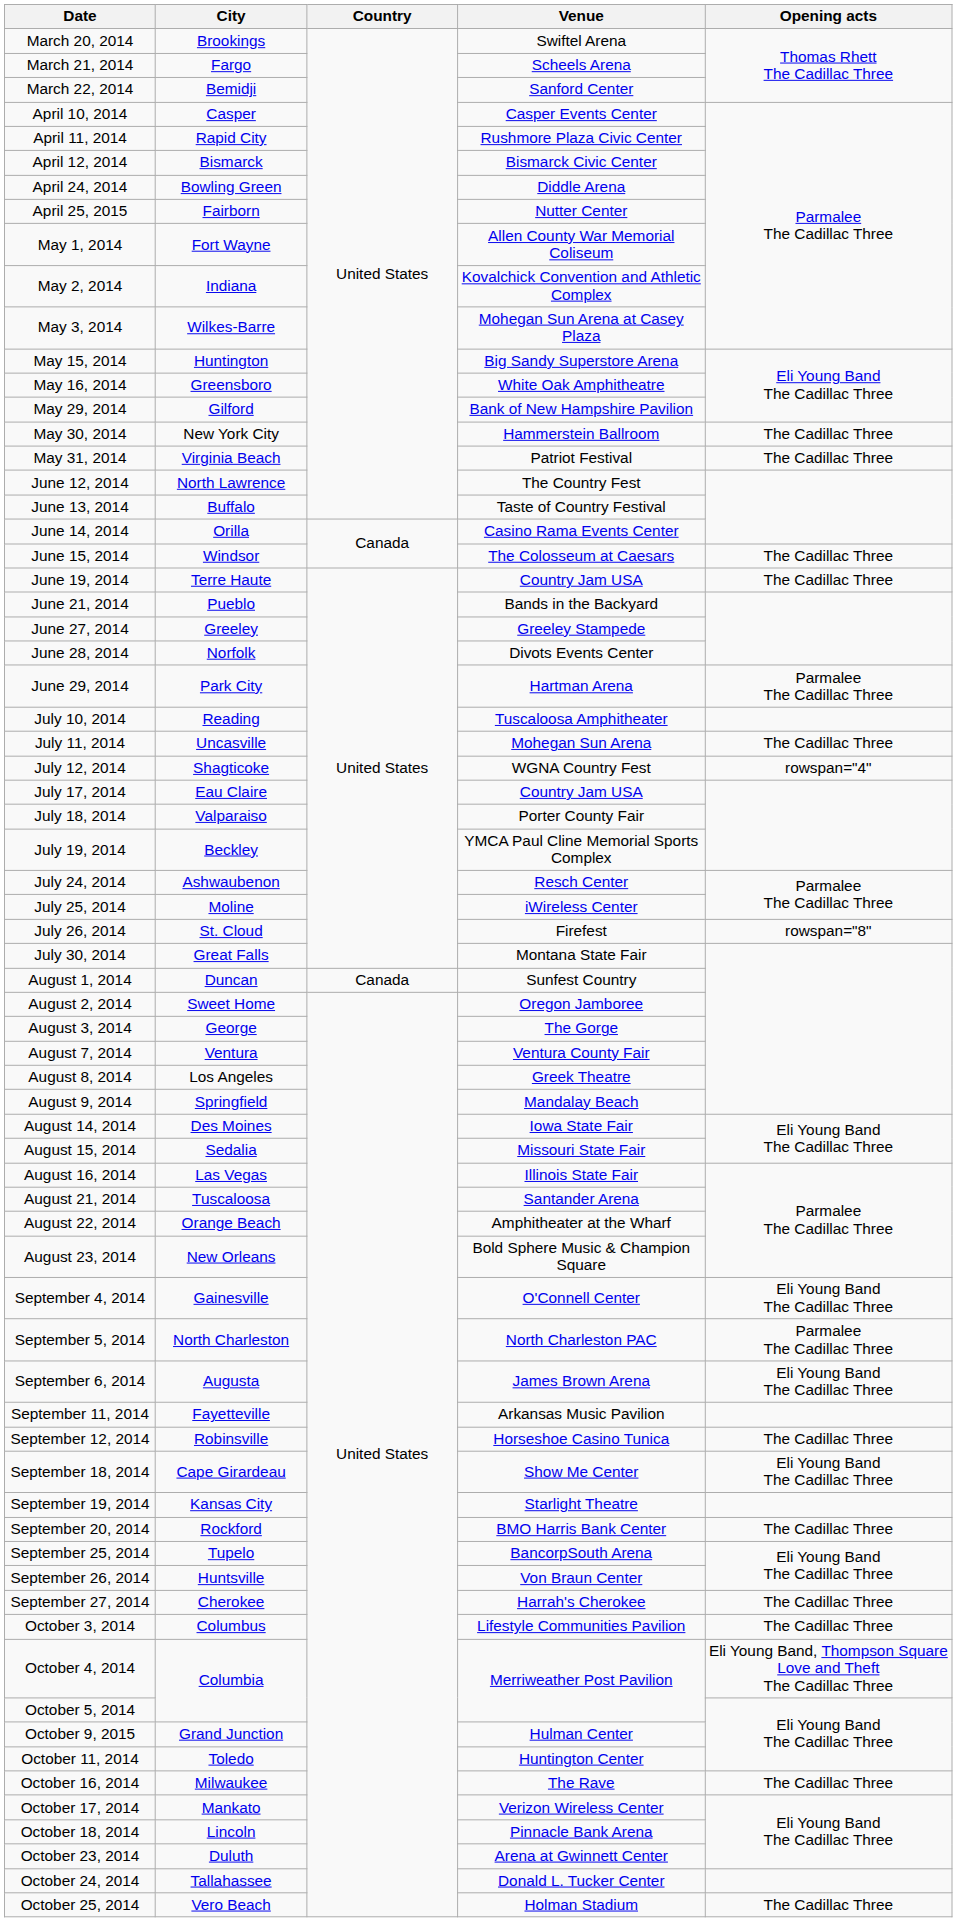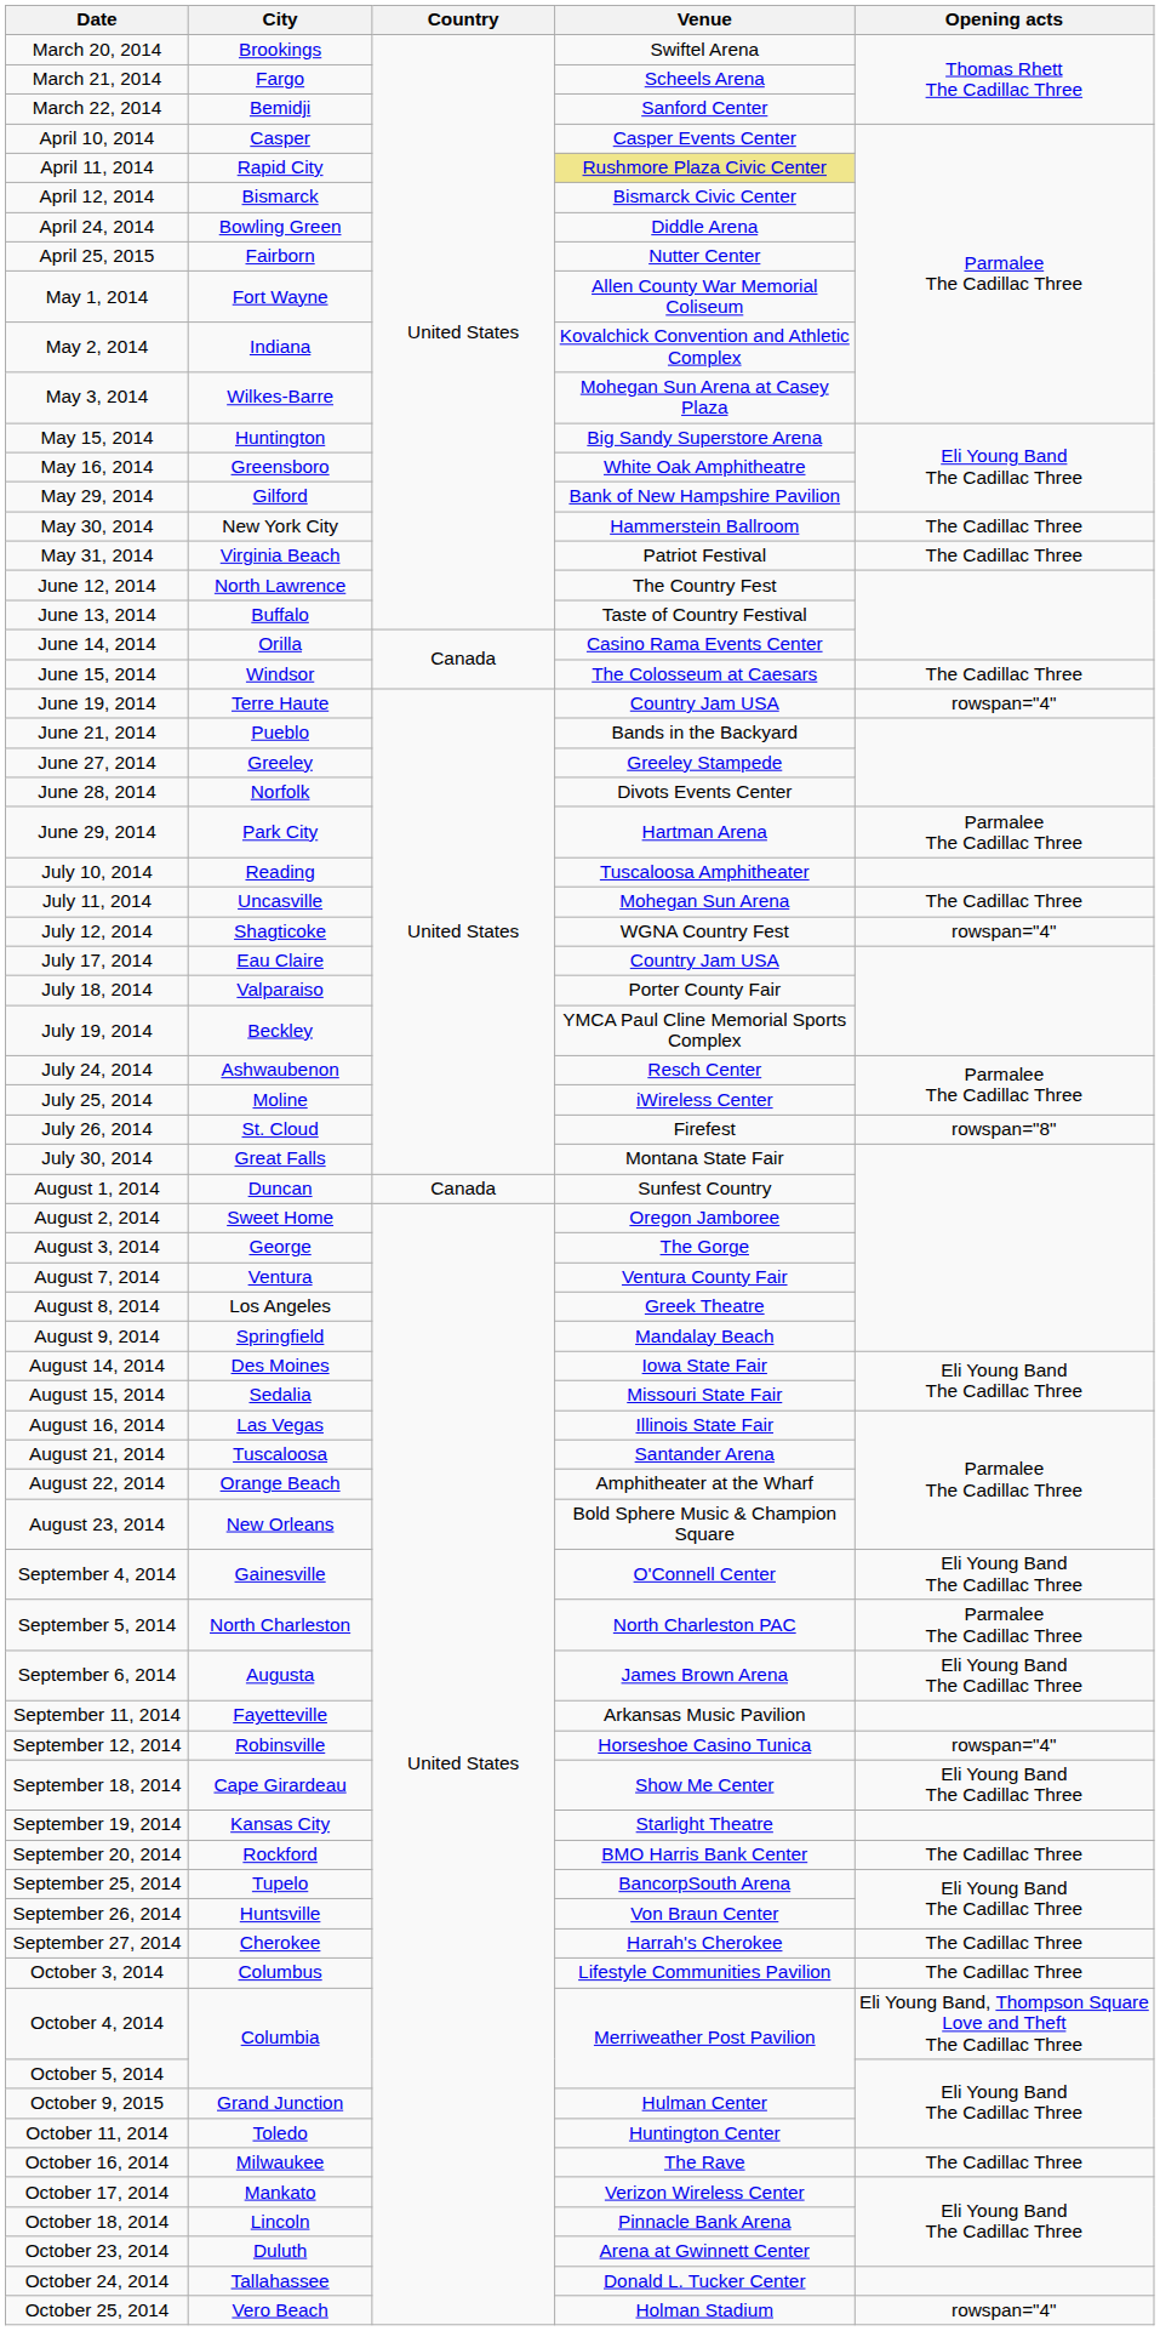 <table class="wikitable" style="text-align:center;">
 <tr>
 <th width="150">Date</th>
 <th width="150">City</th>
 <th width="150">Country</th>
 <th width="250">Venue</th>
 <th width="250">Opening acts</th>
 </tr>
 <tr>
 <td>March 20, 2014</td>
 <td><a href='#'>Brookings</a></td>
 <td rowspan="18">United States</td>
 <td>Swiftel Arena</td>
 <td rowspan="3"><a href='#'>Thomas Rhett</a><br><a href='#'>The Cadillac Three</a></td>
 </tr>
 <tr>
 <td>March 21, 2014</td>
 <td><a href='#'>Fargo</a></td>
 <td><a href='#'>Scheels Arena</a></td>
 </tr>
 <tr>
 <td>March 22, 2014</td>
 <td><a href='#'>Bemidji</a></td>
 <td><a href='#'>Sanford Center</a></td>
 </tr>
 <tr>
 <td>April 10, 2014</td>
 <td><a href='#'>Casper</a></td>
 <td><a href='#'>Casper Events Center</a></td>
 <td rowspan="8"><a href='#'>Parmalee</a><br>The Cadillac Three</td>
 </tr>
 <tr>
 <td>April 11, 2014</td>
 <td><a href='#'>Rapid City</a></td>
-<td><a href='#'>Rushmore Plaza Civic Center</a></td>
+<td style="background: khaki;"><a href='#'>Rushmore Plaza Civic Center</a></td>
 </tr>
 <tr>
 <td>April 12, 2014</td>
 <td><a href='#'>Bismarck</a></td>
 <td><a href='#'>Bismarck Civic Center</a></td>
 </tr>
 <tr>
 <td>April 24, 2014</td>
 <td><a href='#'>Bowling Green</a></td>
 <td><a href='#'>Diddle Arena</a></td>
 </tr>
 <tr>
 <td>April 25, 2015</td>
 <td><a href='#'>Fairborn</a></td>
 <td><a href='#'>Nutter Center</a></td>
 </tr>
 <tr>
 <td>May 1, 2014</td>
 <td><a href='#'>Fort Wayne</a></td>
 <td><a href='#'>Allen County War Memorial Coliseum</a></td>
 </tr>
 <tr>
 <td>May 2, 2014</td>
 <td><a href='#'>Indiana</a></td>
 <td><a href='#'>Kovalchick Convention and Athletic Complex</a></td>
 </tr>
 <tr>
 <td>May 3, 2014</td>
 <td><a href='#'>Wilkes-Barre</a></td>
 <td><a href='#'>Mohegan Sun Arena at Casey Plaza</a></td>
 </tr>
 <tr>
 <td>May 15, 2014</td>
 <td><a href='#'>Huntington</a></td>
 <td><a href='#'>Big Sandy Superstore Arena</a></td>
 <td rowspan="3"><a href='#'>Eli Young Band</a><br>The Cadillac Three</td>
 </tr>
 <tr>
 <td>May 16, 2014</td>
 <td><a href='#'>Greensboro</a></td>
 <td><a href='#'>White Oak Amphitheatre</a></td>
 </tr>
 <tr>
 <td>May 29, 2014</td>
 <td><a href='#'>Gilford</a></td>
 <td><a href='#'>Bank of New Hampshire Pavilion</a></td>
 </tr>
 <tr>
 <td>May 30, 2014</td>
 <td>New York City</td>
 <td><a href='#'>Hammerstein Ballroom</a></td>
 <td>The Cadillac Three</td>
 </tr>
 <tr>
 <td>May 31, 2014 </td>
 <td><a href='#'>Virginia Beach</a></td>
 <td>Patriot Festival</td>
 <td>The Cadillac Three</td>
 </tr>
 <tr>
 <td>June 12, 2014 </td>
 <td><a href='#'>North Lawrence</a></td>
 <td>The Country Fest</td>
 </tr>
 <tr>
 <td>June 13, 2014 </td>
 <td><a href='#'>Buffalo</a></td>
 <td>Taste of Country Festival</td>
 </tr>
 <tr>
 <td>June 14, 2014</td>
 <td><a href='#'>Orilla</a></td>
 <td rowspan="2">Canada</td>
 <td><a href='#'>Casino Rama Events Center</a></td>
 </tr>
 <tr>
 <td>June 15, 2014</td>
 <td><a href='#'>Windsor</a></td>
 <td><a href='#'>The Colosseum at Caesars</a></td>
 <td>The Cadillac Three</td>
 </tr>
 <tr>
 <td>June 19, 2014 </td>
 <td><a href='#'>Terre Haute</a></td>
 <td rowspan="15">United States</td>
 <td><a href='#'>Country Jam USA</a></td>
-<td>The Cadillac Three</td>
+<td>rowspan="4" </td>
 </tr>
 <tr>
 <td>June 21, 2014 </td>
 <td><a href='#'>Pueblo</a></td>
 <td>Bands in the Backyard</td>
 </tr>
 <tr>
 <td>June 27, 2014 </td>
 <td><a href='#'>Greeley</a></td>
 <td><a href='#'>Greeley Stampede</a></td>
 </tr>
 <tr>
 <td>June 28, 2014</td>
 <td><a href='#'>Norfolk</a></td>
 <td>Divots Events Center</td>
 </tr>
 <tr>
 <td>June 29, 2014</td>
 <td><a href='#'>Park City</a></td>
 <td><a href='#'>Hartman Arena</a></td>
 <td>Parmalee<br>The Cadillac Three</td>
 </tr>
 <tr>
 <td>July 10, 2014</td>
 <td><a href='#'>Reading</a></td>
 <td><a href='#'>Tuscaloosa Amphitheater</a></td>
 <td></td>
 </tr>
 <tr>
 <td>July 11, 2014</td>
 <td><a href='#'>Uncasville</a></td>
 <td><a href='#'>Mohegan Sun Arena</a></td>
 <td>The Cadillac Three</td>
 </tr>
 <tr>
 <td>July 12, 2014 </td>
 <td><a href='#'>Shagticoke</a></td>
 <td>WGNA Country Fest</td>
 <td>rowspan="4" </td>
 </tr>
 <tr>
 <td>July 17, 2014 </td>
 <td><a href='#'>Eau Claire</a></td>
 <td><a href='#'>Country Jam USA</a></td>
 </tr>
 <tr>
 <td>July 18, 2014 </td>
 <td><a href='#'>Valparaiso</a></td>
 <td>Porter County Fair</td>
 </tr>
 <tr>
 <td>July 19, 2014</td>
 <td><a href='#'>Beckley</a></td>
 <td>YMCA Paul Cline Memorial Sports Complex</td>
 </tr>
 <tr>
 <td>July 24, 2014</td>
 <td><a href='#'>Ashwaubenon</a></td>
 <td><a href='#'>Resch Center</a></td>
 <td rowspan="2">Parmalee<br>The Cadillac Three</td>
 </tr>
 <tr>
 <td>July 25, 2014</td>
 <td><a href='#'>Moline</a></td>
 <td><a href='#'>iWireless Center</a></td>
 </tr>
 <tr>
 <td>July 26, 2014</td>
 <td><a href='#'>St. Cloud</a></td>
 <td>Firefest</td>
 <td>rowspan="8" </td>
 </tr>
 <tr>
 <td>July 30, 2014 </td>
 <td><a href='#'>Great Falls</a></td>
 <td>Montana State Fair</td>
 </tr>
 <tr>
 <td>August 1, 2014 </td>
 <td><a href='#'>Duncan</a></td>
 <td>Canada</td>
 <td>Sunfest Country</td>
 </tr>
 <tr>
 <td>August 2, 2014 </td>
 <td><a href='#'>Sweet Home</a></td>
 <td rowspan="33">United States</td>
 <td><a href='#'>Oregon Jamboree</a></td>
 </tr>
 <tr>
 <td>August 3, 2014</td>
 <td><a href='#'>George</a></td>
 <td><a href='#'>The Gorge</a></td>
 </tr>
 <tr>
 <td>August 7, 2014</td>
 <td><a href='#'>Ventura</a></td>
 <td><a href='#'>Ventura County Fair</a></td>
 </tr>
 <tr>
 <td>August 8, 2014</td>
 <td>Los Angeles</td>
 <td><a href='#'>Greek Theatre</a></td>
 </tr>
 <tr>
 <td>August 9, 2014</td>
 <td><a href='#'>Springfield</a></td>
 <td><a href='#'>Mandalay Beach</a></td>
 </tr>
 <tr>
 <td>August 14, 2014 </td>
 <td><a href='#'>Des Moines</a></td>
 <td><a href='#'>Iowa State Fair</a></td>
 <td rowspan="2">Eli Young Band<br>The Cadillac Three</td>
 </tr>
 <tr>
 <td>August 15, 2014 </td>
 <td><a href='#'>Sedalia</a></td>
 <td><a href='#'>Missouri State Fair</a></td>
 </tr>
 <tr>
 <td>August 16, 2014 </td>
 <td><a href='#'>Las Vegas</a></td>
 <td><a href='#'>Illinois State Fair</a></td>
 <td rowspan="4">Parmalee<br>The Cadillac Three</td>
 </tr>
 <tr>
 <td>August 21, 2014</td>
 <td><a href='#'>Tuscaloosa</a></td>
 <td><a href='#'>Santander Arena</a></td>
 </tr>
 <tr>
 <td>August 22, 2014</td>
 <td><a href='#'>Orange Beach</a></td>
 <td>Amphitheater at the Wharf</td>
 </tr>
 <tr>
 <td>August 23, 2014</td>
 <td><a href='#'>New Orleans</a></td>
 <td>Bold Sphere Music & Champion Square</td>
 </tr>
 <tr>
 <td>September 4, 2014</td>
 <td><a href='#'>Gainesville</a></td>
 <td><a href='#'>O'Connell Center</a></td>
 <td>Eli Young Band<br>The Cadillac Three</td>
 </tr>
 <tr>
 <td>September 5, 2014</td>
 <td><a href='#'>North Charleston</a></td>
 <td><a href='#'>North Charleston PAC</a></td>
 <td>Parmalee<br>The Cadillac Three</td>
 </tr>
 <tr>
 <td>September 6, 2014</td>
 <td><a href='#'>Augusta</a></td>
 <td><a href='#'>James Brown Arena</a></td>
 <td>Eli Young Band<br>The Cadillac Three</td>
 </tr>
 <tr>
 <td>September 11, 2014</td>
 <td><a href='#'>Fayetteville</a></td>
 <td>Arkansas Music Pavilion</td>
 <td></td>
 </tr>
 <tr>
 <td>September 12, 2014</td>
 <td><a href='#'>Robinsville</a></td>
 <td><a href='#'>Horseshoe Casino Tunica</a></td>
-<td>The Cadillac Three</td>
+<td>rowspan="4" </td>
 </tr>
 <tr>
 <td>September 18, 2014</td>
 <td><a href='#'>Cape Girardeau</a></td>
 <td><a href='#'>Show Me Center</a></td>
 <td>Eli Young Band<br>The Cadillac Three</td>
 </tr>
 <tr>
 <td>September 19, 2014 </td>
 <td><a href='#'>Kansas City</a></td>
 <td><a href='#'>Starlight Theatre</a></td>
 <td></td>
 </tr>
 <tr>
 <td>September 20, 2014</td>
 <td><a href='#'>Rockford</a></td>
 <td><a href='#'>BMO Harris Bank Center</a></td>
 <td>The Cadillac Three</td>
 </tr>
 <tr>
 <td>September 25, 2014</td>
 <td><a href='#'>Tupelo</a></td>
 <td><a href='#'>BancorpSouth Arena</a></td>
 <td rowspan="2">Eli Young Band<br>The Cadillac Three</td>
 </tr>
 <tr>
 <td>September 26, 2014</td>
 <td><a href='#'>Huntsville</a></td>
 <td><a href='#'>Von Braun Center</a></td>
 </tr>
 <tr>
 <td>September 27, 2014</td>
 <td><a href='#'>Cherokee</a></td>
 <td><a href='#'>Harrah's Cherokee</a></td>
 <td>The Cadillac Three</td>
 </tr>
 <tr>
 <td>October 3, 2014</td>
 <td><a href='#'>Columbus</a></td>
 <td><a href='#'>Lifestyle Communities Pavilion</a></td>
 <td>The Cadillac Three</td>
 </tr>
 <tr>
 <td>October 4, 2014 </td>
 <td rowspan="2"><a href='#'>Columbia</a></td>
 <td rowspan="2"><a href='#'>Merriweather Post Pavilion</a></td>
 <td>Eli Young Band, <a href='#'>Thompson Square</a><br><a href='#'>Love and Theft</a><br>The Cadillac Three</td>
 </tr>
 <tr>
 <td>October 5, 2014 </td>
 <td rowspan="3">Eli Young Band<br>The Cadillac Three</td>
 </tr>
 <tr>
 <td>October 9, 2015</td>
 <td><a href='#'>Grand Junction</a></td>
 <td><a href='#'>Hulman Center</a></td>
 </tr>
 <tr>
 <td>October 11, 2014</td>
 <td><a href='#'>Toledo</a></td>
 <td><a href='#'>Huntington Center</a></td>
 </tr>
 <tr>
 <td>October 16, 2014</td>
 <td><a href='#'>Milwaukee</a></td>
 <td><a href='#'>The Rave</a></td>
 <td>The Cadillac Three</td>
 </tr>
 <tr>
 <td>October 17, 2014</td>
 <td><a href='#'>Mankato</a></td>
 <td><a href='#'>Verizon Wireless Center</a></td>
 <td rowspan="3">Eli Young Band<br>The Cadillac Three</td>
 </tr>
 <tr>
 <td>October 18, 2014</td>
 <td><a href='#'>Lincoln</a></td>
 <td><a href='#'>Pinnacle Bank Arena</a></td>
 </tr>
 <tr>
 <td>October 23, 2014</td>
 <td><a href='#'>Duluth</a></td>
 <td><a href='#'>Arena at Gwinnett Center</a></td>
 </tr>
 <tr>
 <td>October 24, 2014</td>
 <td><a href='#'>Tallahassee</a></td>
 <td><a href='#'>Donald L. Tucker Center</a></td>
 <td></td>
 </tr>
 <tr>
 <td>October 25, 2014</td>
 <td><a href='#'>Vero Beach</a></td>
 <td><a href='#'>Holman Stadium</a></td>
-<td>The Cadillac Three</td>
+<td>rowspan="4" </td>
 </tr>
 </table>
